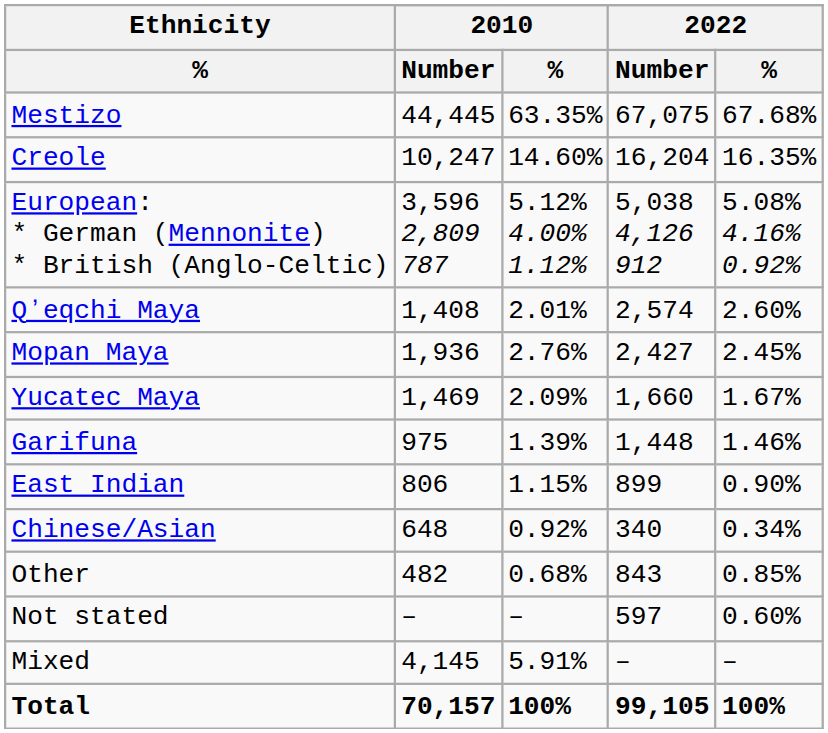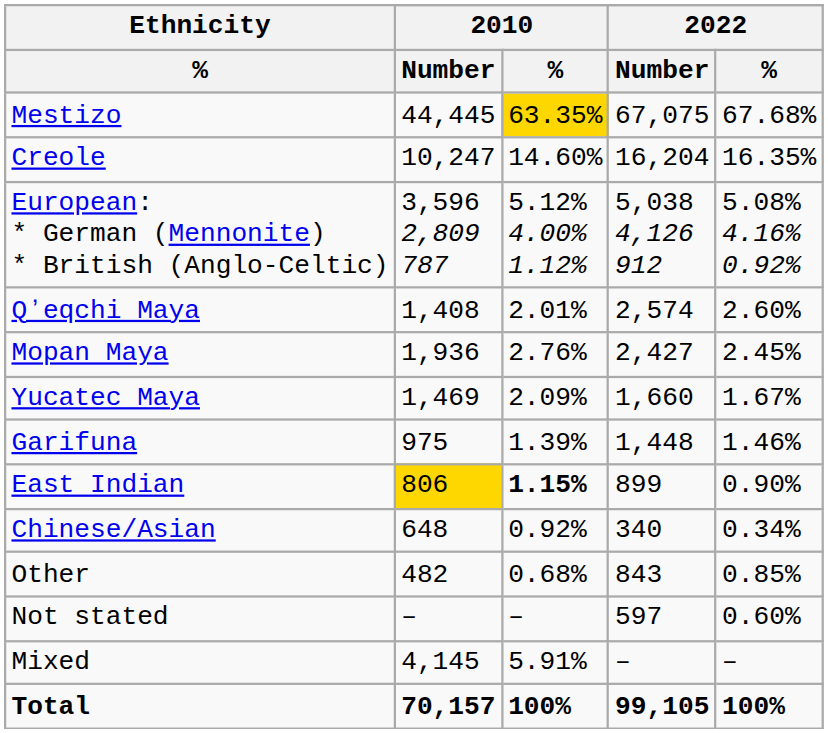 <table class="wikitable sortable left" style="font-size: 90%;">
 <tr>
 <th rowspan="2">Ethnicity</th>
 </tr>
 <tr>
 <th colspan="2">2010</th>
 <th colspan="2">2022</th>
 </tr>
 <tr>
 <th>%</th>
 <th>Number</th>
 <th>%</th>
 <th>Number</th>
 <th>%</th>
 </tr>
 <tr>
 <td><a href='#'>Mestizo</a></td>
 <td>44,445</td>
-<td>63.35%</td>
+<td style="background: gold;">63.35%</td>
 <td>67,075</td>
 <td>67.68%</td>
 </tr>
 <tr>
 <td><a href='#'>Creole</a></td>
 <td>10,247</td>
 <td>14.60%</td>
 <td>16,204</td>
 <td>16.35%</td>
 </tr>
 <tr>
 <td><a href='#'>European</a>:<br>* German (<a href='#'>Mennonite</a>)<br>* British (Anglo-Celtic)</td>
 <td>3,596<br><em>2,809<br>787</em></td>
 <td>5.12%<br><em>4.00%<br>1.12%</em></td>
 <td>5,038<br><em>4,126<br>912</em></td>
 <td>5.08%<br><em>4.16%<br>0.92%</em></td>
 </tr>
 <tr>
 <td><a href='#'>Qʼeqchi Maya</a></td>
 <td>1,408</td>
 <td>2.01%</td>
 <td>2,574</td>
 <td>2.60%</td>
 </tr>
 <tr>
 <td><a href='#'>Mopan Maya</a></td>
 <td>1,936</td>
 <td>2.76%</td>
 <td>2,427</td>
 <td>2.45%</td>
 </tr>
 <tr>
 <td><a href='#'>Yucatec Maya</a></td>
 <td>1,469</td>
 <td>2.09%</td>
 <td>1,660</td>
 <td>1.67%</td>
 </tr>
 <tr>
 <td><a href='#'>Garifuna</a></td>
 <td>975</td>
 <td>1.39%</td>
 <td>1,448</td>
 <td>1.46%</td>
 </tr>
 <tr>
 <td><a href='#'>East Indian</a></td>
-<td>806</td>
-<td>1.15%</td>
+<td style="background: gold;">806</td>
+<td><strong>1.15%</strong></td>
 <td>899</td>
 <td>0.90%</td>
 </tr>
 <tr>
 <td><a href='#'>Chinese/Asian</a></td>
 <td>648</td>
 <td>0.92%</td>
 <td>340</td>
 <td>0.34%</td>
 </tr>
 <tr>
 <td>Other</td>
 <td>482</td>
 <td>0.68%</td>
 <td>843</td>
 <td>0.85%</td>
 </tr>
 <tr>
 <td>Not stated</td>
 <td>–</td>
 <td>–</td>
 <td>597</td>
 <td>0.60%</td>
 </tr>
 <tr>
 <td>Mixed</td>
 <td>4,145</td>
 <td>5.91%</td>
 <td>–</td>
 <td>–</td>
 </tr>
 <tr>
 <td><strong>Total</strong></td>
 <td><strong>70,157</strong></td>
 <td><strong>100%</strong></td>
 <td><strong>99,105</strong></td>
 <td><strong>100%</strong></td>
 </tr>
 </table>
